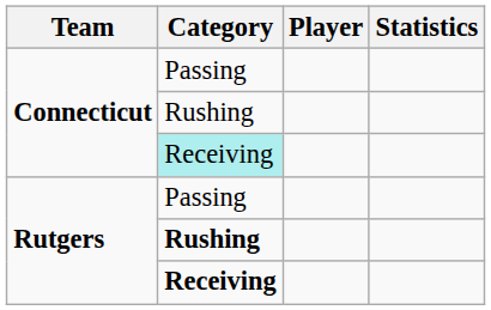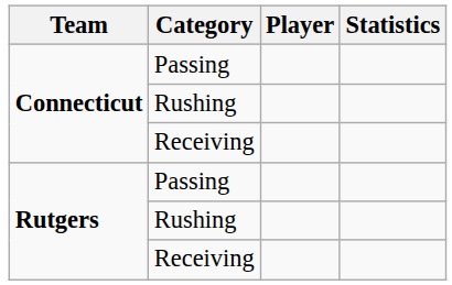 <table class="wikitable" style="float: right;">
 <tr>
 <th>Team</th>
 <th>Category</th>
 <th>Player</th>
 <th>Statistics</th>
 </tr>
 <tr>
 <td rowspan=3><strong>Connecticut</strong></td>
 <td>Passing</td>
 <td></td>
 <td></td>
 </tr>
 <tr>
 <td>Rushing</td>
 <td></td>
 <td></td>
 </tr>
 <tr>
-<td style="background: paleturquoise;">Receiving</td>
+<td>Receiving</td>
 <td></td>
 <td></td>
 </tr>
 <tr>
 <td rowspan=3><strong>Rutgers</strong></td>
 <td>Passing</td>
 <td></td>
 <td></td>
 </tr>
 <tr>
-<td><strong>Rushing</strong></td>
+<td>Rushing</td>
 <td></td>
 <td></td>
 </tr>
 <tr>
-<td><strong>Receiving</strong></td>
+<td>Receiving</td>
 <td></td>
 <td></td>
 </tr>
 </table>
